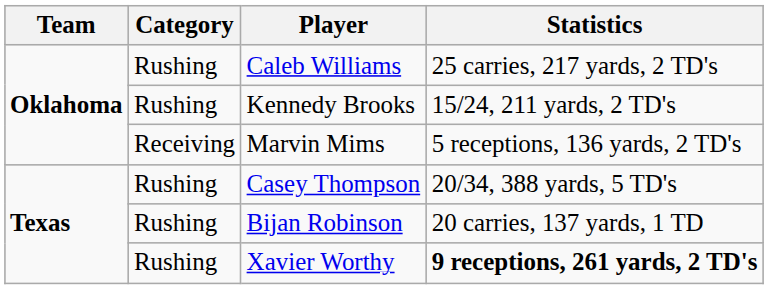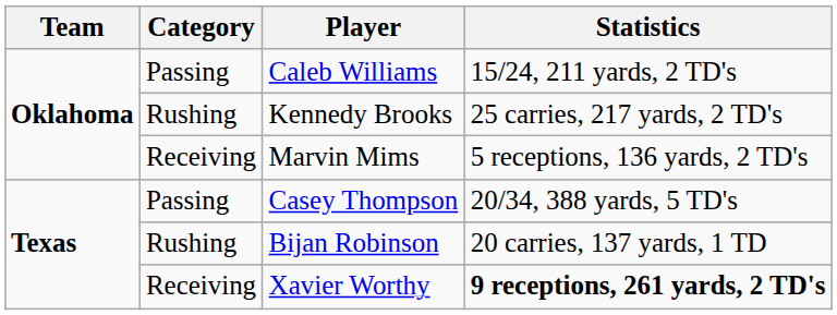 <table class="wikitable" style="float: right;">
 <tr>
 <th>Team</th>
 <th>Category</th>
 <th>Player</th>
 <th>Statistics</th>
 </tr>
 <tr>
 <td rowspan=3><strong>Oklahoma</strong></td>
-<td>Rushing</td>
+<td>Passing</td>
 <td><a href='#'>Caleb Williams</a></td>
-<td>25 carries, 217 yards, 2 TD's</td>
+<td>15/24, 211 yards, 2 TD's</td>
 </tr>
 <tr>
 <td>Rushing</td>
 <td>Kennedy Brooks</td>
-<td>15/24, 211 yards, 2 TD's</td>
+<td>25 carries, 217 yards, 2 TD's</td>
 </tr>
 <tr>
 <td>Receiving</td>
 <td>Marvin Mims</td>
 <td>5 receptions, 136 yards, 2 TD's</td>
 </tr>
 <tr>
 <td rowspan=3><strong>Texas</strong></td>
-<td>Rushing</td>
+<td>Passing</td>
 <td><a href='#'>Casey Thompson</a></td>
 <td>20/34, 388 yards, 5 TD's</td>
 </tr>
 <tr>
 <td>Rushing</td>
 <td><a href='#'>Bijan Robinson</a></td>
 <td>20 carries, 137 yards, 1 TD</td>
 </tr>
 <tr>
-<td>Rushing</td>
+<td>Receiving</td>
 <td><a href='#'>Xavier Worthy</a></td>
 <td><strong>9 receptions, 261 yards, 2 TD's</strong></td>
 </tr>
 </table>
